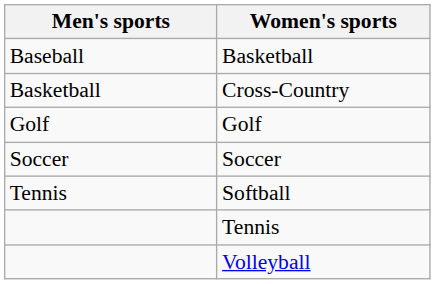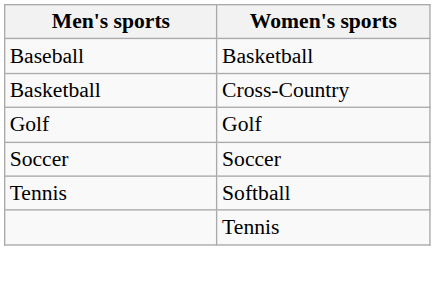 <table class="wikitable"; style= "text-align: ">
 <tr>
 <th width=150px>Men's sports</th>
 <th width=150px>Women's sports</th>
 </tr>
 <tr>
 <td>Baseball</td>
 <td>Basketball</td>
 </tr>
 <tr>
 <td>Basketball</td>
 <td>Cross-Country</td>
 </tr>
 <tr>
 <td>Golf</td>
 <td>Golf</td>
 </tr>
 <tr>
 <td>Soccer</td>
 <td>Soccer</td>
 </tr>
 <tr>
 <td>Tennis</td>
 <td>Softball</td>
 </tr>
 <tr>
 <td></td>
 <td>Tennis</td>
 </tr>
-<tr>
-<td></td>
-<td><a href='#'>Volleyball</a></td>
-</tr>
 </table>
